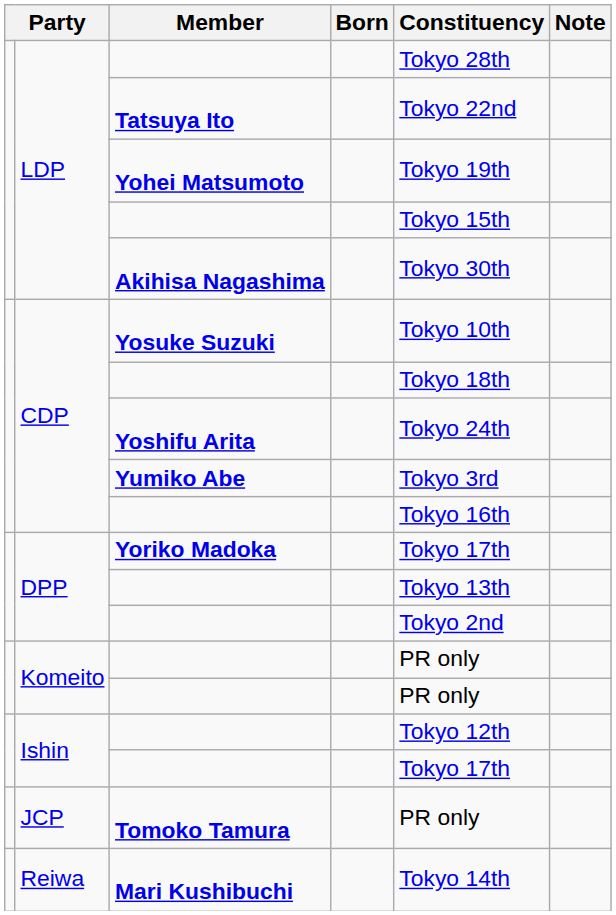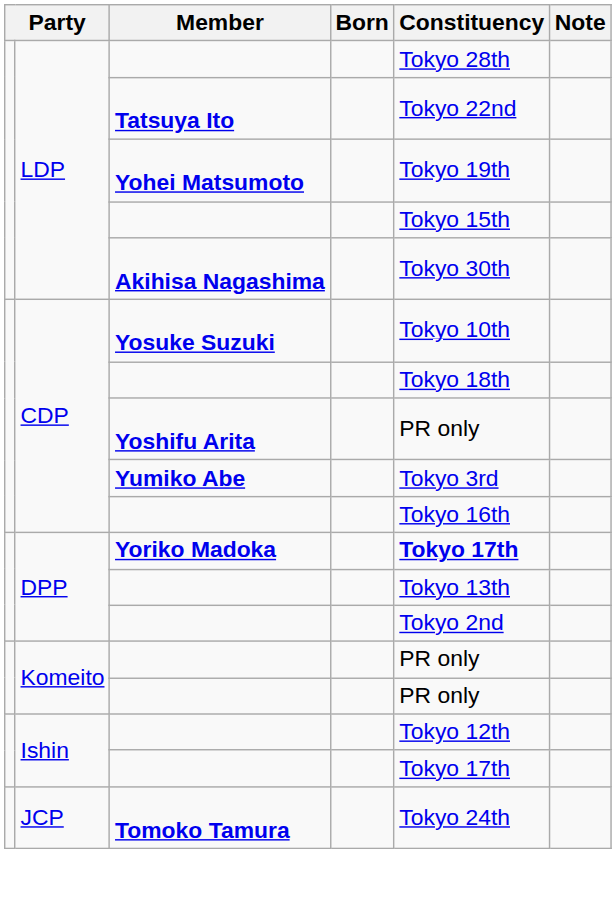 <table class="wikitable">
 <tr>
 <th colspan=2>Party</th>
 <th>Member</th>
 <th>Born</th>
 <th>Constituency</th>
 <th>Note</th>
 </tr>
 <tr>
 <td rowspan=5 style="background-color:"></td>
 <td rowspan=5><a href='#'>LDP</a></td>
 <td><br><strong></strong></td>
 <td></td>
 <td><a href='#'>Tokyo 28th</a></td>
 <td></td>
 </tr>
 <tr>
 <td><br><strong><a href='#'>Tatsuya Ito</a></strong></td>
 <td></td>
 <td><a href='#'>Tokyo 22nd</a></td>
 <td></td>
 </tr>
 <tr>
 <td><br><strong><a href='#'>Yohei Matsumoto</a></strong></td>
 <td></td>
 <td><a href='#'>Tokyo 19th</a></td>
 <td></td>
 </tr>
 <tr>
 <td><strong></strong></td>
 <td></td>
 <td><a href='#'>Tokyo 15th</a></td>
 <td></td>
 </tr>
 <tr>
 <td><br><strong><a href='#'>Akihisa Nagashima</a></strong></td>
 <td></td>
 <td><a href='#'>Tokyo 30th</a></td>
 <td></td>
 </tr>
 <tr>
 <td rowspan=5 style="background-color:"></td>
 <td rowspan=5><a href='#'>CDP</a></td>
 <td><br><strong><a href='#'>Yosuke Suzuki</a></strong></td>
 <td></td>
 <td><a href='#'>Tokyo 10th</a></td>
 <td></td>
 </tr>
 <tr>
 <td><br><strong></strong></td>
 <td></td>
 <td><a href='#'>Tokyo 18th</a></td>
 <td></td>
 </tr>
 <tr>
 <td><br><strong><a href='#'>Yoshifu Arita</a></strong></td>
 <td></td>
-<td><a href='#'>Tokyo 24th</a></td>
+<td>PR only</td>
 <td></td>
 </tr>
 <tr>
 <td><strong><a href='#'>Yumiko Abe</a></strong></td>
 <td></td>
 <td><a href='#'>Tokyo 3rd</a></td>
 <td></td>
 </tr>
 <tr>
 <td><strong></strong></td>
 <td></td>
 <td><a href='#'>Tokyo 16th</a></td>
 <td></td>
 </tr>
 <tr>
 <td rowspan=3 style="background-color:"></td>
 <td rowspan=3><a href='#'>DPP</a></td>
 <td><strong><a href='#'>Yoriko Madoka</a></strong></td>
 <td></td>
-<td><a href='#'>Tokyo 17th</a></td>
+<td><strong><a href='#'>Tokyo 17th</a></strong></td>
 <td></td>
 </tr>
 <tr>
 <td><strong></strong></td>
 <td></td>
 <td><a href='#'>Tokyo 13th</a></td>
 <td></td>
 </tr>
 <tr>
 <td><strong></strong></td>
 <td></td>
 <td><a href='#'>Tokyo 2nd</a></td>
 <td></td>
 </tr>
 <tr>
 <td rowspan=2 style="background-color:"></td>
 <td rowspan=2><a href='#'>Komeito</a></td>
 <td><br><strong></strong></td>
 <td></td>
 <td>PR only</td>
 <td></td>
 </tr>
 <tr>
 <td><strong></strong></td>
 <td></td>
 <td>PR only</td>
 <td></td>
 </tr>
 <tr>
 <td rowspan=2 style="background-color:"></td>
 <td rowspan=2><a href='#'>Ishin</a></td>
 <td><strong></strong></td>
 <td></td>
 <td><a href='#'>Tokyo 12th</a></td>
 <td></td>
 </tr>
 <tr>
 <td><strong></strong></td>
 <td></td>
 <td><a href='#'>Tokyo 17th</a></td>
 <td></td>
 </tr>
 <tr>
 <td style="background-color:"></td>
 <td><a href='#'>JCP</a></td>
 <td><br><strong><a href='#'>Tomoko Tamura</a></strong></td>
 <td></td>
-<td>PR only</td>
-<td></td>
-</tr>
-<tr>
-<td style="background-color:"></td>
-<td><a href='#'>Reiwa</a></td>
-<td><br><strong><a href='#'>Mari Kushibuchi</a></strong></td>
-<td></td>
-<td><a href='#'>Tokyo 14th</a></td>
+<td><a href='#'>Tokyo 24th</a></td>
 <td></td>
 </tr>
 </table>
